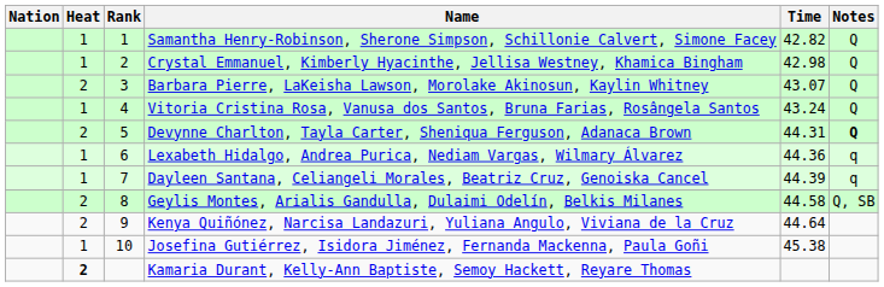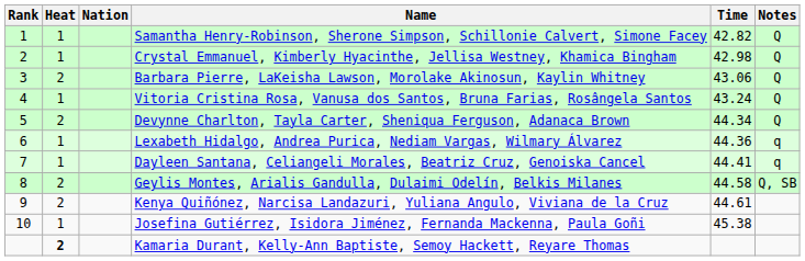 <table class="wikitable sortable" style="text-align:center">
 <tr>
+<th>Rank</th>
+<th>Heat</th>
 <th>Nation</th>
-<th>Heat</th>
-<th>Rank</th>
 <th>Name</th>
 <th>Time</th>
 <th>Notes</th>
 </tr>
 <tr bgcolor=ccffcc>
-<td align=left></td>
 <td>1</td>
 <td>1</td>
+<td align=left></td>
 <td align=left><a href='#'>Samantha Henry-Robinson</a>, <a href='#'>Sherone Simpson</a>, <a href='#'>Schillonie Calvert</a>, <a href='#'>Simone Facey</a></td>
 <td>42.82</td>
 <td>Q</td>
 </tr>
 <tr bgcolor=ccffcc>
+<td>2</td>
+<td>1</td>
 <td align=left></td>
-<td>1</td>
-<td>2</td>
 <td align=left><a href='#'>Crystal Emmanuel</a>, <a href='#'>Kimberly Hyacinthe</a>, <a href='#'>Jellisa Westney</a>, <a href='#'>Khamica Bingham</a></td>
 <td>42.98</td>
 <td>Q</td>
 </tr>
 <tr bgcolor=ccffcc>
+<td>3</td>
+<td>2</td>
 <td align=left></td>
-<td>2</td>
-<td>3</td>
 <td align=left><a href='#'>Barbara Pierre</a>, <a href='#'>LaKeisha Lawson</a>, <a href='#'>Morolake Akinosun</a>, <a href='#'>Kaylin Whitney</a></td>
-<td>43.07</td>
+<td>43.06</td>
 <td>Q</td>
 </tr>
 <tr bgcolor=ccffcc>
+<td>4</td>
+<td>1</td>
 <td align=left></td>
-<td>1</td>
-<td>4</td>
 <td align=left><a href='#'>Vitoria Cristina Rosa</a>, <a href='#'>Vanusa dos Santos</a>, <a href='#'>Bruna Farias</a>, <a href='#'>Rosângela Santos</a></td>
 <td>43.24</td>
 <td>Q</td>
 </tr>
 <tr bgcolor=ccffcc>
+<td>5</td>
+<td>2</td>
 <td align=left></td>
-<td>2</td>
-<td>5</td>
 <td align=left><a href='#'>Devynne Charlton</a>, <a href='#'>Tayla Carter</a>, <a href='#'>Sheniqua Ferguson</a>, <a href='#'>Adanaca Brown</a></td>
-<td>44.31</td>
-<td><strong>Q</strong></td>
+<td>44.34</td>
+<td>Q</td>
 </tr>
 <tr bgcolor=ddffdd>
+<td>6</td>
+<td>1</td>
 <td align=left></td>
-<td>1</td>
-<td>6</td>
 <td align=left><a href='#'>Lexabeth Hidalgo</a>, <a href='#'>Andrea Purica</a>, <a href='#'>Nediam Vargas</a>, <a href='#'>Wilmary Álvarez</a></td>
 <td>44.36</td>
 <td>q</td>
 </tr>
 <tr bgcolor=ddffdd>
+<td>7</td>
+<td>1</td>
 <td align=left></td>
-<td>1</td>
-<td>7</td>
 <td align=left><a href='#'>Dayleen Santana</a>, <a href='#'>Celiangeli Morales</a>, <a href='#'>Beatriz Cruz</a>, <a href='#'>Genoiska Cancel</a></td>
-<td>44.39</td>
+<td>44.41</td>
 <td>q</td>
 </tr>
 <tr bgcolor=ccffcc>
+<td>8</td>
+<td>2</td>
 <td align=left></td>
-<td>2</td>
-<td>8</td>
 <td align=left><a href='#'>Geylis Montes</a>, <a href='#'>Arialis Gandulla</a>, <a href='#'>Dulaimi Odelín</a>, <a href='#'>Belkis Milanes</a></td>
 <td>44.58</td>
 <td>Q, SB</td>
 </tr>
 <tr>
+<td>9</td>
+<td>2</td>
 <td align=left></td>
-<td>2</td>
-<td>9</td>
 <td align=left><a href='#'>Kenya Quiñónez</a>, <a href='#'>Narcisa Landazuri</a>, <a href='#'>Yuliana Angulo</a>, <a href='#'>Viviana de la Cruz</a></td>
-<td>44.64</td>
+<td>44.61</td>
 <td></td>
 </tr>
 <tr>
+<td>10</td>
+<td>1</td>
 <td align=left></td>
-<td>1</td>
-<td>10</td>
 <td align=left><a href='#'>Josefina Gutiérrez</a>, <a href='#'>Isidora Jiménez</a>, <a href='#'>Fernanda Mackenna</a>, <a href='#'>Paula Goñi</a></td>
 <td>45.38</td>
 <td></td>
 </tr>
 <tr>
+<td></td>
+<td><strong>2</strong></td>
 <td align=left></td>
-<td><strong>2</strong></td>
-<td></td>
 <td align=left><a href='#'>Kamaria Durant</a>, <a href='#'>Kelly-Ann Baptiste</a>, <a href='#'>Semoy Hackett</a>, <a href='#'>Reyare Thomas</a></td>
 <td></td>
 <td></td>
 </tr>
 </table>
